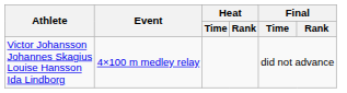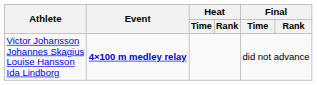 <table class=wikitable style="font-size:90%">
 <tr>
 <th rowspan="2">Athlete</th>
 <th rowspan="2">Event</th>
 <th colspan="2">Heat</th>
 <th colspan="2">Final</th>
 </tr>
 <tr style="font-size:95%">
 <th>Time</th>
 <th>Rank</th>
 <th>Time</th>
 <th>Rank</th>
 </tr>
 <tr align=center>
 <td align=left><a href='#'>Victor Johansson</a><br><a href='#'>Johannes Skagius</a><br><a href='#'>Louise Hansson</a><br><a href='#'>Ida Lindborg</a></td>
-<td align=left><a href='#'>4×100 m medley relay</a></td>
+<td align=left><strong><a href='#'>4×100 m medley relay</a></strong></td>
 <td colspan=2></td>
 <td colspan=2>did not advance</td>
 </tr>
 </table>
